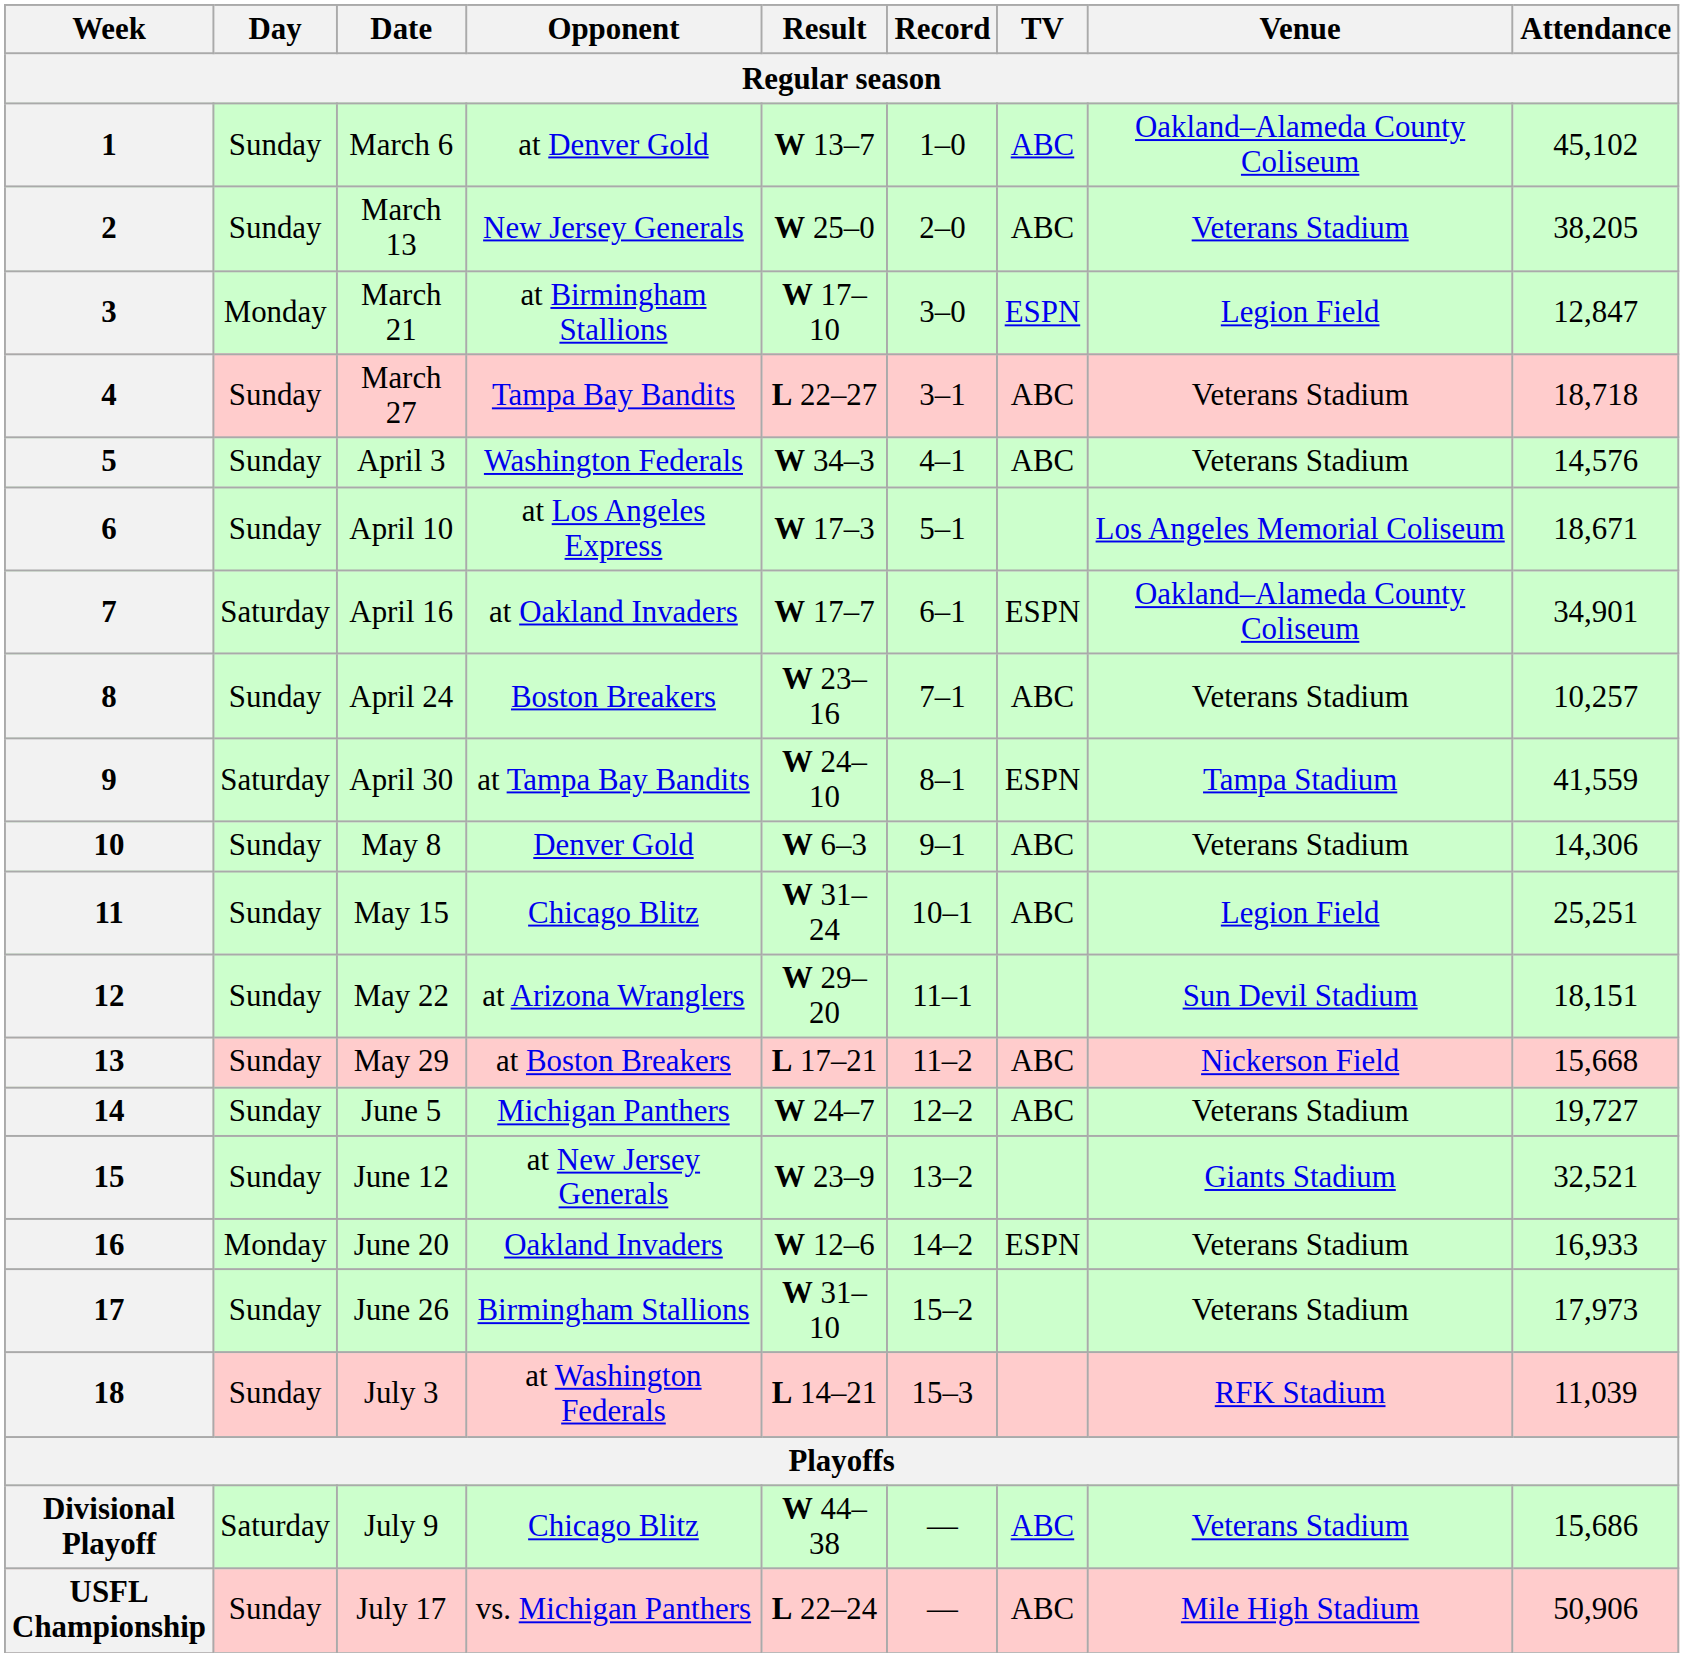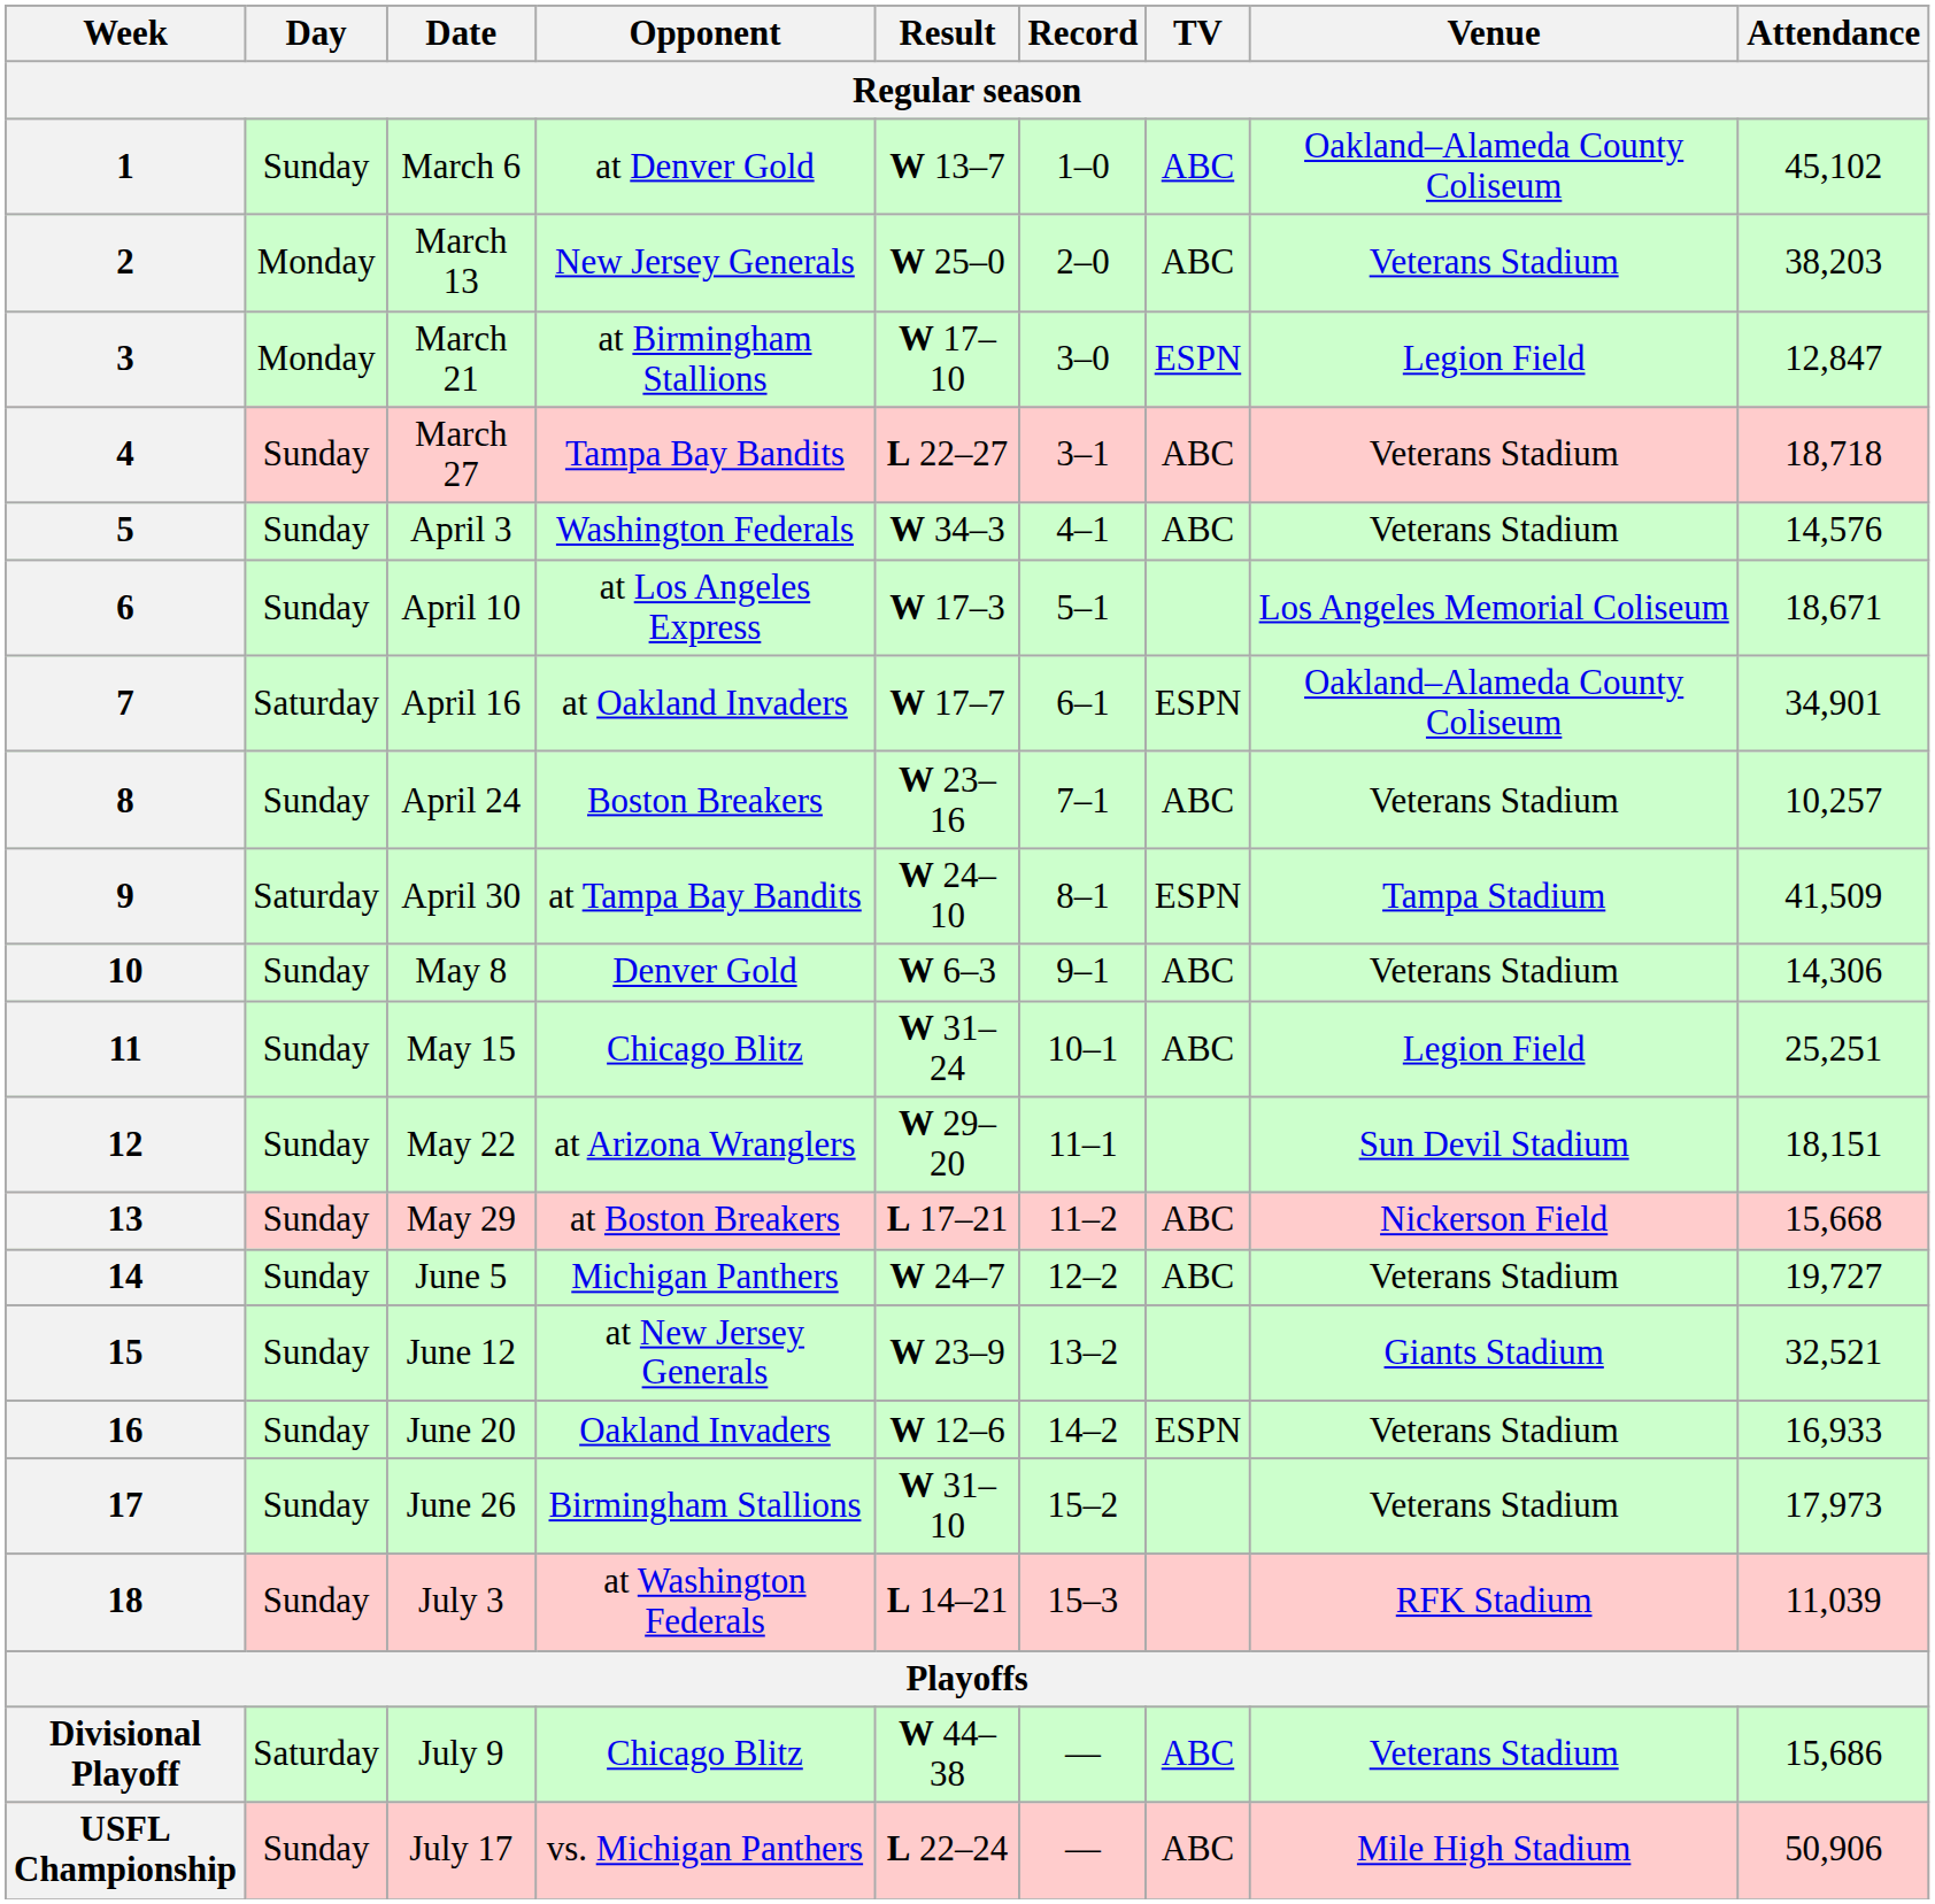 <table class="wikitable" style="text-align:center">
 <tr>
 <th>Week</th>
 <th>Day</th>
 <th>Date</th>
 <th>Opponent</th>
 <th>Result</th>
 <th>Record</th>
 <th>TV</th>
 <th>Venue</th>
 <th>Attendance</th>
 </tr>
 <tr style="text-align:center;">
 <th colspan="9">Regular season</th>
 </tr>
 <tr style="background:#cfc">
 <th>1</th>
 <td>Sunday</td>
 <td>March 6</td>
 <td>at <a href='#'>Denver Gold</a></td>
 <td><strong>W</strong> 13–7</td>
 <td>1–0</td>
 <td><a href='#'>ABC</a></td>
 <td><a href='#'>Oakland–Alameda County Coliseum</a></td>
 <td>45,102</td>
 </tr>
 <tr style="background:#cfc">
 <th>2</th>
-<td>Sunday</td>
+<td>Monday</td>
 <td>March 13</td>
 <td><a href='#'>New Jersey Generals</a></td>
 <td><strong>W</strong> 25–0</td>
 <td>2–0</td>
 <td>ABC</td>
 <td><a href='#'>Veterans Stadium</a></td>
-<td>38,205</td>
+<td>38,203</td>
 </tr>
 <tr style="background:#cfc">
 <th>3</th>
 <td>Monday</td>
 <td>March 21</td>
 <td>at <a href='#'>Birmingham Stallions</a></td>
 <td><strong>W</strong> 17–10</td>
 <td>3–0</td>
 <td><a href='#'>ESPN</a></td>
 <td><a href='#'>Legion Field</a></td>
 <td>12,847</td>
 </tr>
 <tr style="background:#fcc">
 <th>4</th>
 <td>Sunday</td>
 <td>March 27</td>
 <td><a href='#'>Tampa Bay Bandits</a></td>
 <td><strong>L</strong> 22–27</td>
 <td>3–1</td>
 <td>ABC</td>
 <td>Veterans Stadium</td>
 <td>18,718</td>
 </tr>
 <tr style="background:#cfc">
 <th>5</th>
 <td>Sunday</td>
 <td>April 3</td>
 <td><a href='#'>Washington Federals</a></td>
 <td><strong>W</strong> 34–3</td>
 <td>4–1</td>
 <td>ABC</td>
 <td>Veterans Stadium</td>
 <td>14,576</td>
 </tr>
 <tr style="background:#cfc">
 <th>6</th>
 <td>Sunday</td>
 <td>April 10</td>
 <td>at <a href='#'>Los Angeles Express</a></td>
 <td><strong>W</strong> 17–3</td>
 <td>5–1</td>
 <td></td>
 <td><a href='#'>Los Angeles Memorial Coliseum</a></td>
 <td>18,671</td>
 </tr>
 <tr style="background:#cfc">
 <th>7</th>
 <td>Saturday</td>
 <td>April 16</td>
 <td>at <a href='#'>Oakland Invaders</a></td>
 <td><strong>W</strong> 17–7</td>
 <td>6–1</td>
 <td>ESPN</td>
 <td><a href='#'>Oakland–Alameda County Coliseum</a></td>
 <td>34,901</td>
 </tr>
 <tr style="background:#cfc">
 <th>8</th>
 <td>Sunday</td>
 <td>April 24</td>
 <td><a href='#'>Boston Breakers</a></td>
 <td><strong>W</strong> 23–16</td>
 <td>7–1</td>
 <td>ABC</td>
 <td>Veterans Stadium</td>
 <td>10,257</td>
 </tr>
 <tr style="background:#cfc">
 <th>9</th>
 <td>Saturday</td>
 <td>April 30</td>
 <td>at <a href='#'>Tampa Bay Bandits</a></td>
 <td><strong>W</strong> 24–10</td>
 <td>8–1</td>
 <td>ESPN</td>
 <td><a href='#'>Tampa Stadium</a></td>
-<td>41,559</td>
+<td>41,509</td>
 </tr>
 <tr style="background:#cfc">
 <th>10</th>
 <td>Sunday</td>
 <td>May 8</td>
 <td><a href='#'>Denver Gold</a></td>
 <td><strong>W</strong> 6–3</td>
 <td>9–1</td>
 <td>ABC</td>
 <td>Veterans Stadium</td>
 <td>14,306</td>
 </tr>
 <tr style="background:#cfc">
 <th>11</th>
 <td>Sunday</td>
 <td>May 15</td>
 <td><a href='#'>Chicago Blitz</a></td>
 <td><strong>W</strong> 31–24</td>
 <td>10–1</td>
 <td>ABC</td>
 <td><a href='#'>Legion Field</a></td>
 <td>25,251</td>
 </tr>
 <tr style="background:#cfc">
 <th>12</th>
 <td>Sunday</td>
 <td>May 22</td>
 <td>at <a href='#'>Arizona Wranglers</a></td>
 <td><strong>W</strong> 29–20</td>
 <td>11–1</td>
 <td></td>
 <td><a href='#'>Sun Devil Stadium</a></td>
 <td>18,151</td>
 </tr>
 <tr style="background:#fcc">
 <th>13</th>
 <td>Sunday</td>
 <td>May 29</td>
 <td>at <a href='#'>Boston Breakers</a></td>
 <td><strong>L</strong> 17–21</td>
 <td>11–2</td>
 <td>ABC</td>
 <td><a href='#'>Nickerson Field</a></td>
 <td>15,668</td>
 </tr>
 <tr style="background:#cfc">
 <th>14</th>
 <td>Sunday</td>
 <td>June 5</td>
 <td><a href='#'>Michigan Panthers</a></td>
 <td><strong>W</strong> 24–7</td>
 <td>12–2</td>
 <td>ABC</td>
 <td>Veterans Stadium</td>
 <td>19,727</td>
 </tr>
 <tr style="background:#cfc">
 <th>15</th>
 <td>Sunday</td>
 <td>June 12</td>
 <td>at <a href='#'>New Jersey Generals</a></td>
 <td><strong>W</strong> 23–9</td>
 <td>13–2</td>
 <td></td>
 <td><a href='#'>Giants Stadium</a></td>
 <td>32,521</td>
 </tr>
 <tr style="background:#cfc">
 <th>16</th>
-<td>Monday</td>
+<td>Sunday</td>
 <td>June 20</td>
 <td><a href='#'>Oakland Invaders</a></td>
 <td><strong>W</strong> 12–6</td>
 <td>14–2</td>
 <td>ESPN</td>
 <td>Veterans Stadium</td>
 <td>16,933</td>
 </tr>
 <tr style="background:#cfc">
 <th>17</th>
 <td>Sunday</td>
 <td>June 26</td>
 <td><a href='#'>Birmingham Stallions</a></td>
 <td><strong>W</strong> 31–10</td>
 <td>15–2</td>
 <td></td>
 <td>Veterans Stadium</td>
 <td>17,973</td>
 </tr>
 <tr style="background:#fcc">
 <th>18</th>
 <td>Sunday</td>
 <td>July 3</td>
 <td>at <a href='#'>Washington Federals</a></td>
 <td><strong>L</strong> 14–21</td>
 <td>15–3</td>
 <td></td>
 <td><a href='#'>RFK Stadium</a></td>
 <td>11,039</td>
 </tr>
 <tr style="text-align:center;">
 <th colspan="9">Playoffs</th>
 </tr>
 <tr style="background:#cfc">
 <th>Divisional<br>Playoff</th>
 <td>Saturday</td>
 <td>July 9</td>
 <td><a href='#'>Chicago Blitz</a></td>
 <td><strong>W</strong> 44–38 </td>
 <td>—</td>
 <td><a href='#'>ABC</a></td>
 <td><a href='#'>Veterans Stadium</a></td>
 <td>15,686</td>
 </tr>
 <tr style="background:#fcc">
 <th>USFL<br>Championship</th>
 <td>Sunday</td>
 <td>July 17</td>
 <td>vs. <a href='#'>Michigan Panthers</a></td>
 <td><strong>L</strong> 22–24</td>
 <td>—</td>
 <td>ABC</td>
 <td><a href='#'>Mile High Stadium</a></td>
 <td>50,906</td>
 </tr>
 </table>
